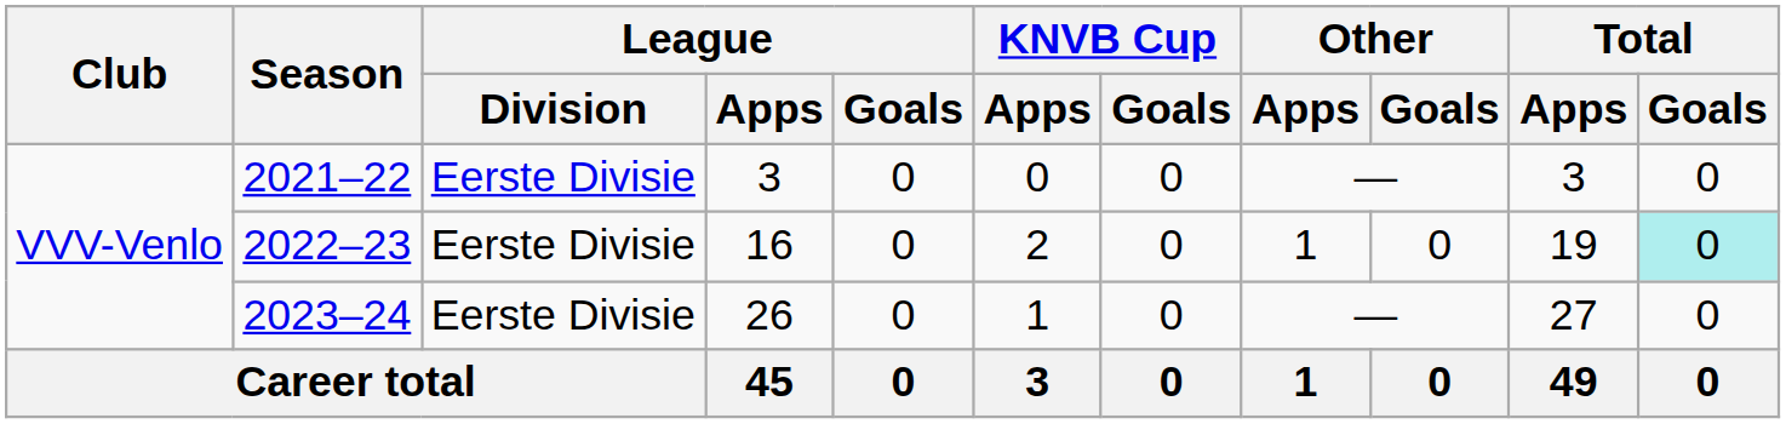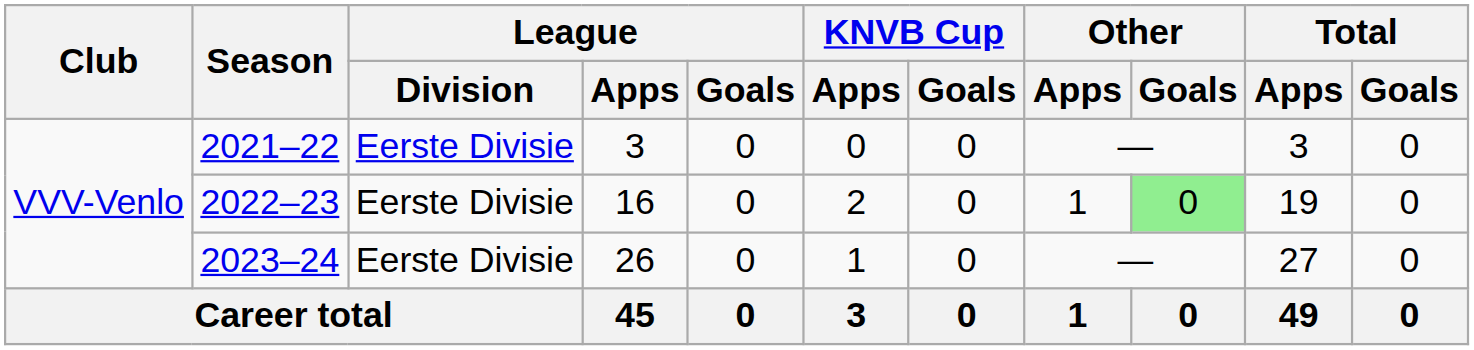 <table class="wikitable" style="text-align:center">
 <tr>
 <th rowspan="2">Club</th>
 <th rowspan="2">Season</th>
 <th colspan="3">League</th>
 <th colspan="2"><a href='#'>KNVB Cup</a></th>
 <th colspan="2">Other</th>
 <th colspan="2">Total</th>
 </tr>
 <tr>
 <th>Division</th>
 <th>Apps</th>
 <th>Goals</th>
 <th>Apps</th>
 <th>Goals</th>
 <th>Apps</th>
 <th>Goals</th>
 <th>Apps</th>
 <th>Goals</th>
 </tr>
 <tr>
 <td rowspan="3"><a href='#'>VVV-Venlo</a></td>
 <td><a href='#'>2021–22</a></td>
 <td><a href='#'>Eerste Divisie</a></td>
 <td>3</td>
 <td>0</td>
 <td>0</td>
 <td>0</td>
 <td colspan="2">—</td>
 <td>3</td>
 <td>0</td>
 </tr>
 <tr>
 <td><a href='#'>2022–23</a></td>
 <td>Eerste Divisie</td>
 <td>16</td>
 <td>0</td>
 <td>2</td>
 <td>0</td>
 <td>1</td>
+<td style="background: lightgreen;">0</td>
+<td>19</td>
 <td>0</td>
-<td>19</td>
-<td style="background: paleturquoise;">0</td>
 </tr>
 <tr>
 <td><a href='#'>2023–24</a></td>
 <td>Eerste Divisie</td>
 <td>26</td>
 <td>0</td>
 <td>1</td>
 <td>0</td>
 <td colspan="2">—</td>
 <td>27</td>
 <td>0</td>
 </tr>
 <tr>
 <th colspan="3">Career total</th>
 <th>45</th>
 <th>0</th>
 <th>3</th>
 <th>0</th>
 <th>1</th>
 <th>0</th>
 <th>49</th>
 <th>0</th>
 </tr>
 </table>
